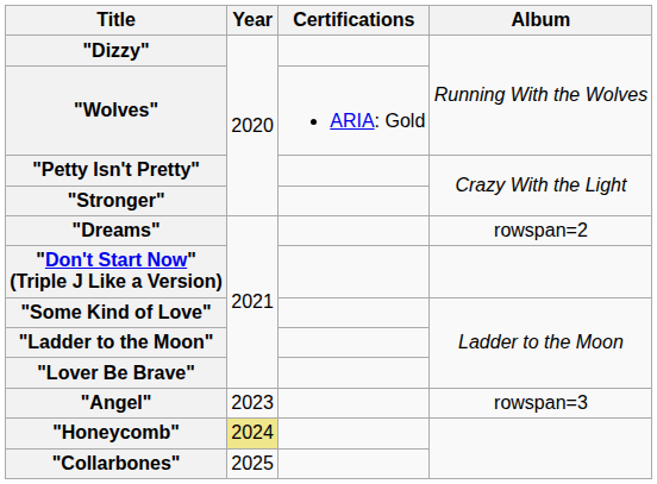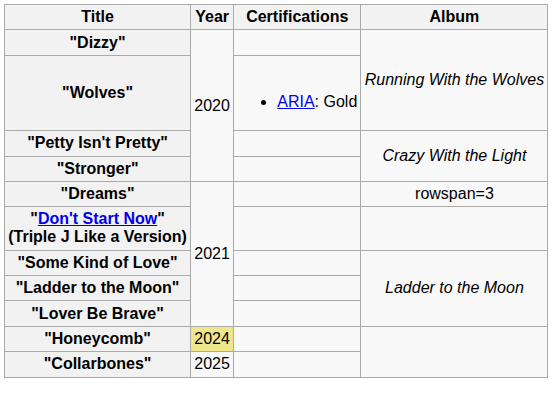 <table class="wikitable plainrowheaders" style="text-align:center;">
 <tr>
 <th>Title</th>
 <th>Year</th>
 <th>Certifications</th>
 <th>Album</th>
 </tr>
 <tr>
 <th scope="row">"Dizzy"</th>
 <td rowspan="4">2020</td>
 <td></td>
 <td rowspan="2"><em>Running With the Wolves</em></td>
 </tr>
 <tr>
 <th scope="row">"Wolves"</th>
 <td><br><ul><li><a href='#'>ARIA</a>: Gold</li></ul></td>
 </tr>
 <tr>
 <th scope="row">"Petty Isn't Pretty"</th>
 <td></td>
 <td rowspan="2"><em>Crazy With the Light</em></td>
 </tr>
 <tr>
 <th scope="row">"Stronger"</th>
 <td></td>
 </tr>
 <tr>
 <th scope="row">"Dreams"</th>
 <td rowspan="5">2021</td>
 <td></td>
-<td>rowspan=2 </td>
+<td>rowspan=3 </td>
 </tr>
 <tr>
 <th scope="row">"<a href='#'>Don't Start Now</a>"<br> (Triple J Like a Version)</th>
 <td></td>
 </tr>
 <tr>
 <th scope="row">"Some Kind of Love"</th>
 <td></td>
 <td rowspan="3"><em>Ladder to the Moon</em></td>
 </tr>
 <tr>
 <th scope="row">"Ladder to the Moon"</th>
 <td></td>
 </tr>
 <tr>
 <th scope="row">"Lover Be Brave"</th>
 </tr>
 <tr>
-<th scope="row">"Angel"</th>
-<td>2023</td>
-<td></td>
-<td>rowspan=3 </td>
-</tr>
-<tr>
 <th scope="row">"Honeycomb"</th>
 <td style="background: khaki;">2024</td>
 <td></td>
 </tr>
 <tr>
 <th scope="row">"Collarbones"</th>
 <td>2025</td>
 <td></td>
 </tr>
 </table>
